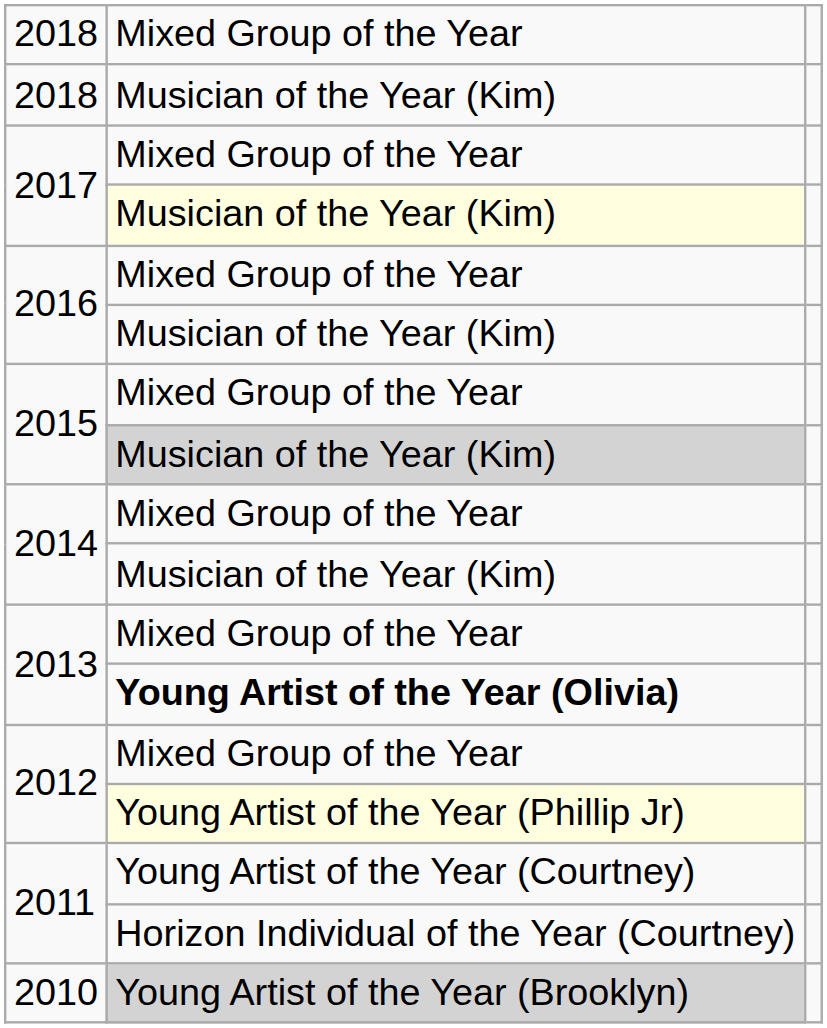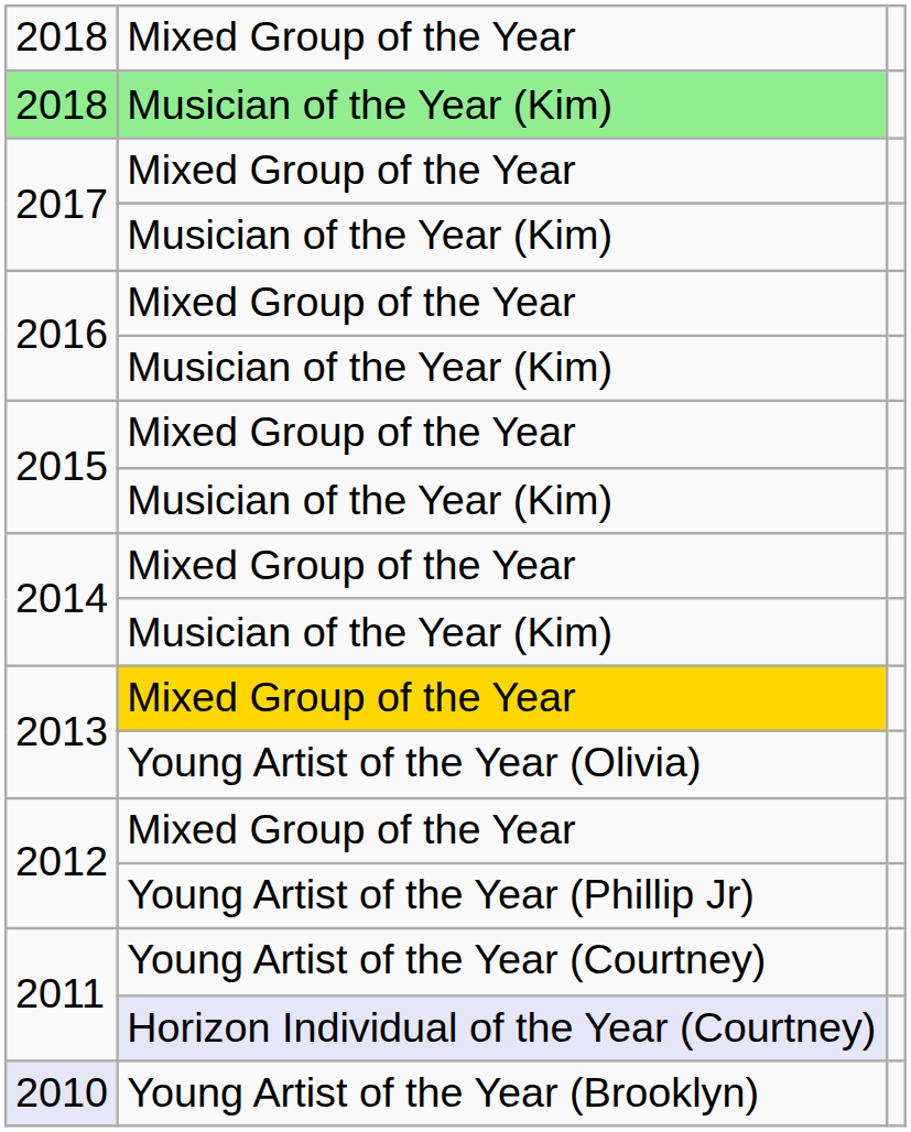 <table class="wikitable">
 <tr>
 <td>2018</td>
 <td>Mixed Group of the Year</td>
 <td></td>
 </tr>
 <tr>
-<td>2018</td>
-<td>Musician of the Year (Kim)</td>
+<td style="background: lightgreen;">2018</td>
+<td style="background: lightgreen;">Musician of the Year (Kim)</td>
 <td></td>
 </tr>
 <tr>
 <td rowspan="2">2017</td>
 <td>Mixed Group of the Year</td>
 <td></td>
 </tr>
 <tr>
-<td style="background: lightyellow;">Musician of the Year (Kim)</td>
+<td>Musician of the Year (Kim)</td>
 <td></td>
 </tr>
 <tr>
 <td rowspan="2">2016</td>
 <td>Mixed Group of the Year</td>
 <td></td>
 </tr>
 <tr>
 <td>Musician of the Year (Kim)</td>
 <td></td>
 </tr>
 <tr>
 <td rowspan="2">2015</td>
 <td>Mixed Group of the Year</td>
 <td></td>
 </tr>
 <tr>
-<td style="background: lightgrey;">Musician of the Year (Kim)</td>
+<td>Musician of the Year (Kim)</td>
 <td></td>
 </tr>
 <tr>
 <td rowspan="2">2014</td>
 <td>Mixed Group of the Year</td>
 <td></td>
 </tr>
 <tr>
 <td>Musician of the Year (Kim)</td>
 <td></td>
 </tr>
 <tr>
 <td rowspan="2">2013</td>
-<td>Mixed Group of the Year</td>
+<td style="background: gold;">Mixed Group of the Year</td>
 <td></td>
 </tr>
 <tr>
-<td><strong>Young Artist of the Year (Olivia)</strong></td>
+<td>Young Artist of the Year (Olivia)</td>
 <td></td>
 </tr>
 <tr>
 <td rowspan="2">2012</td>
 <td>Mixed Group of the Year</td>
 <td></td>
 </tr>
 <tr>
-<td style="background: lightyellow;">Young Artist of the Year (Phillip Jr)</td>
+<td>Young Artist of the Year (Phillip Jr)</td>
 <td></td>
 </tr>
 <tr>
 <td rowspan="2">2011</td>
 <td>Young Artist of the Year (Courtney)</td>
 <td></td>
 </tr>
 <tr>
-<td>Horizon Individual of the Year (Courtney)</td>
+<td style="background: lavender;">Horizon Individual of the Year (Courtney)</td>
 <td></td>
 </tr>
 <tr>
-<td>2010</td>
-<td style="background: lightgrey;">Young Artist of the Year (Brooklyn)</td>
+<td style="background: lavender;">2010</td>
+<td>Young Artist of the Year (Brooklyn)</td>
 <td></td>
 </tr>
 </table>
